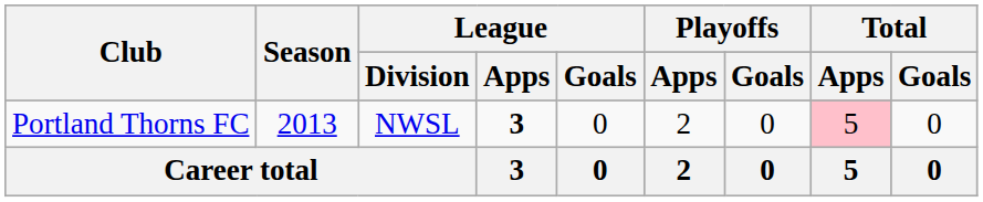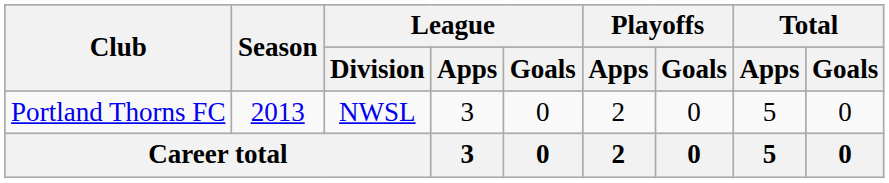 <table class="wikitable" style="text-align: center;">
 <tr>
 <th rowspan="2">Club</th>
 <th rowspan="2">Season</th>
 <th colspan="3">League</th>
 <th colspan="2">Playoffs</th>
 <th colspan="2">Total</th>
 </tr>
 <tr>
 <th>Division</th>
 <th>Apps</th>
 <th>Goals</th>
 <th>Apps</th>
 <th>Goals</th>
 <th>Apps</th>
 <th>Goals</th>
 </tr>
 <tr>
 <td><a href='#'>Portland Thorns FC</a></td>
 <td><a href='#'>2013</a></td>
 <td><a href='#'>NWSL</a></td>
-<td><strong>3</strong></td>
+<td>3</td>
 <td>0</td>
 <td>2</td>
 <td>0</td>
-<td style="background: pink;">5</td>
+<td>5</td>
 <td>0</td>
 </tr>
 <tr>
 <th colspan="3">Career total</th>
 <th>3</th>
 <th>0</th>
 <th>2</th>
 <th>0</th>
 <th>5</th>
 <th>0</th>
 </tr>
 </table>
